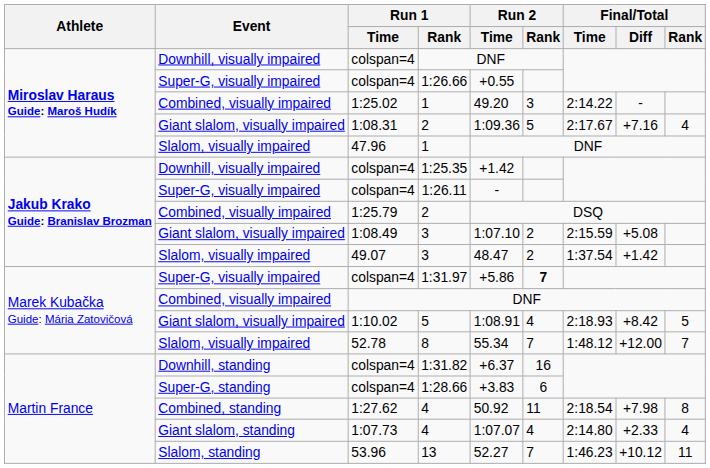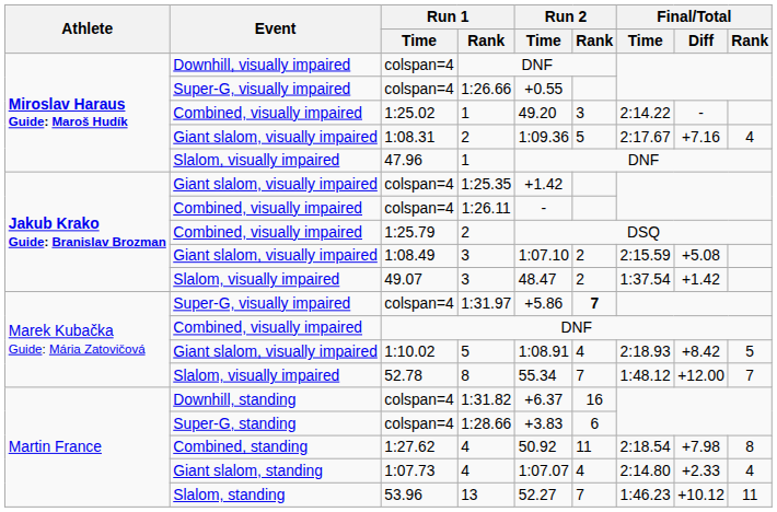 <table class="wikitable" style="font-size:90%">
 <tr>
 <th rowspan="2">Athlete</th>
 <th rowspan="2">Event</th>
 <th colspan="2">Run 1</th>
 <th colspan="2">Run 2</th>
 <th colspan="3">Final/Total</th>
 </tr>
 <tr>
 <th>Time</th>
 <th>Rank</th>
 <th>Time</th>
 <th>Rank</th>
 <th>Time</th>
 <th>Diff</th>
 <th>Rank</th>
 </tr>
 <tr>
 <td rowspan="5"><strong><a href='#'>Miroslav Haraus</a><br><small><a href='#'>Guide</a>: <a href='#'>Maroš Hudík</a></small></strong></td>
 <td><a href='#'>Downhill, visually impaired</a></td>
 <td>colspan=4 </td>
 <td colspan=3 align="center">DNF</td>
 </tr>
 <tr>
 <td><a href='#'>Super-G, visually impaired</a></td>
 <td>colspan=4 </td>
 <td align="center">1:26.66</td>
 <td align="center">+0.55</td>
 <td align="center"></td>
 </tr>
 <tr>
 <td><a href='#'>Combined, visually impaired</a></td>
 <td>1:25.02</td>
 <td>1</td>
 <td>49.20</td>
 <td>3</td>
 <td align="center">2:14.22</td>
 <td align="center">-</td>
 <td align="center"></td>
 </tr>
 <tr>
 <td><a href='#'>Giant slalom, visually impaired</a></td>
 <td>1:08.31</td>
 <td>2</td>
 <td>1:09.36</td>
 <td>5</td>
 <td align="center">2:17.67</td>
 <td align="center">+7.16</td>
 <td align="center">4</td>
 </tr>
 <tr>
 <td><a href='#'>Slalom, visually impaired</a></td>
 <td>47.96</td>
 <td>1</td>
 <td colspan=5 align="center">DNF</td>
 </tr>
 <tr>
 <td rowspan="5"><strong><a href='#'>Jakub Krako</a><br><small><a href='#'>Guide</a>: <a href='#'>Branislav Brozman</a></small></strong></td>
-<td><a href='#'>Downhill, visually impaired</a></td>
+<td><a href='#'>Giant slalom, visually impaired</a></td>
 <td>colspan=4 </td>
 <td align="center">1:25.35</td>
 <td align="center">+1.42</td>
 <td align="center"></td>
 </tr>
 <tr>
-<td><a href='#'>Super-G, visually impaired</a></td>
+<td><a href='#'>Combined, visually impaired</a></td>
 <td>colspan=4 </td>
 <td align="center">1:26.11</td>
 <td align="center">-</td>
 <td align="center"></td>
 </tr>
 <tr>
 <td><a href='#'>Combined, visually impaired</a></td>
 <td>1:25.79</td>
 <td>2</td>
 <td colspan=5 align="center">DSQ</td>
 </tr>
 <tr>
 <td><a href='#'>Giant slalom, visually impaired</a></td>
 <td>1:08.49</td>
 <td>3</td>
 <td>1:07.10</td>
 <td>2</td>
 <td align="center">2:15.59</td>
 <td align="center">+5.08</td>
 <td align="center"></td>
 </tr>
 <tr>
 <td><a href='#'>Slalom, visually impaired</a></td>
 <td>49.07</td>
 <td>3</td>
 <td>48.47</td>
 <td>2</td>
 <td align="center">1:37.54</td>
 <td align="center">+1.42</td>
 <td align="center"></td>
 </tr>
 <tr>
 <td rowspan="4"><a href='#'>Marek Kubačka</a><br><small><a href='#'>Guide</a>: <a href='#'>Mária Zatovičová</a></small></td>
 <td><a href='#'>Super-G, visually impaired</a></td>
 <td>colspan=4 </td>
 <td align="center">1:31.97</td>
 <td align="center">+5.86</td>
 <td align="center"><strong>7</strong></td>
 </tr>
 <tr>
 <td><a href='#'>Combined, visually impaired</a></td>
 <td colspan=7 align="center">DNF</td>
 </tr>
 <tr>
 <td><a href='#'>Giant slalom, visually impaired</a></td>
 <td>1:10.02</td>
 <td>5</td>
 <td>1:08.91</td>
 <td>4</td>
 <td align="center">2:18.93</td>
 <td align="center">+8.42</td>
 <td align="center">5</td>
 </tr>
 <tr>
 <td><a href='#'>Slalom, visually impaired</a></td>
 <td>52.78</td>
 <td>8</td>
 <td>55.34</td>
 <td>7</td>
 <td align="center">1:48.12</td>
 <td align="center">+12.00</td>
 <td align="center">7</td>
 </tr>
 <tr>
 <td rowspan="5"><a href='#'>Martin France</a></td>
 <td><a href='#'>Downhill, standing</a></td>
 <td>colspan=4 </td>
 <td align="center">1:31.82</td>
 <td align="center">+6.37</td>
 <td align="center">16</td>
 </tr>
 <tr>
 <td><a href='#'>Super-G, standing</a></td>
 <td>colspan=4 </td>
 <td align="center">1:28.66</td>
 <td align="center">+3.83</td>
 <td align="center">6</td>
 </tr>
 <tr>
 <td><a href='#'>Combined, standing</a></td>
 <td>1:27.62</td>
 <td>4</td>
 <td>50.92</td>
 <td>11</td>
 <td align="center">2:18.54</td>
 <td align="center">+7.98</td>
 <td align="center">8</td>
 </tr>
 <tr>
 <td><a href='#'>Giant slalom, standing</a></td>
 <td>1:07.73</td>
 <td>4</td>
 <td>1:07.07</td>
 <td>4</td>
 <td align="center">2:14.80</td>
 <td align="center">+2.33</td>
 <td align="center">4</td>
 </tr>
 <tr>
 <td><a href='#'>Slalom, standing</a></td>
 <td>53.96</td>
 <td>13</td>
 <td>52.27</td>
 <td>7</td>
 <td align="center">1:46.23</td>
 <td align="center">+10.12</td>
 <td align="center">11</td>
 </tr>
 </table>
